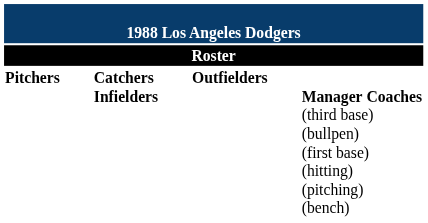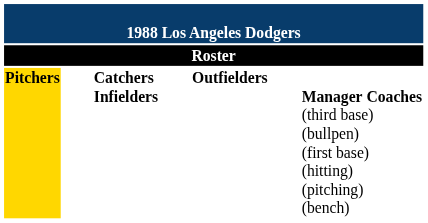 <table class="toccolours" style="font-size: 95%;">
 <tr>
 <th colspan="10" style="background-color: #083c6b; color: #FFFFFF; text-align: center;"><br>1988 Los Angeles Dodgers</th>
 </tr>
 <tr>
 <td colspan="10" style="background-color: black; color: #FFFFFF; text-align: center;"><strong>Roster</strong></td>
 </tr>
 <tr>
-<td valign="top"><strong>Pitchers</strong><br>                 </td>
+<td valign="top" style="background: gold;"><strong>Pitchers</strong><br>                 </td>
 <td width="25px"></td>
 <td valign="top"><strong>Catchers</strong><br>   <strong>Infielders</strong>        </td>
 <td width="25px"></td>
 <td valign="top"><strong>Outfielders</strong><br>        </td>
 <td width="25px"></td>
 <td valign="top"><br><strong>Manager</strong>  <strong>Coaches</strong> <br> (third base)  <br>(bullpen)  <br>(first base)  <br>(hitting)  <br> (pitching)  <br>(bench)</td>
 </tr>
 </table>
